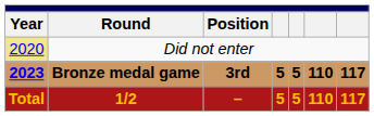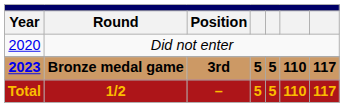 <table class="wikitable" style="text-align: center;">
 <tr>
 <th style="background:#000067;" colspan="7"><a href='#'></a></th>
 </tr>
 <tr>
 <th>Year</th>
 <th>Round</th>
 <th>Position</th>
 <th></th>
 <th></th>
 <th></th>
 <th></th>
 </tr>
 <tr>
-<td style="background: khaki;"> <a href='#'>2020</a></td>
+<td> <a href='#'>2020</a></td>
 <td colspan=6><em>Did not enter</em></td>
 </tr>
 <tr>
 </tr>
 <tr style="background:#CC9965;">
 <td><strong> <a href='#'>2023</a></strong></td>
 <td><strong>Bronze medal game</strong></td>
 <td><strong>3rd</strong></td>
 <td><strong>5</strong></td>
 <td><strong>5</strong></td>
 <td><strong>110</strong></td>
 <td><strong>117</strong></td>
 </tr>
 <tr>
 <th style="color:#FABD00; background:#AD1519;">Total</th>
 <th style="color:#FABD00; background:#AD1519;">1/2</th>
 <th style="color:#FABD00; background:#AD1519;">–</th>
 <th style="color:#FABD00; background:#AD1519;">5</th>
 <th style="color:#FABD00; background:#AD1519;">5</th>
 <th style="color:#FABD00; background:#AD1519;">110</th>
 <th style="color:#FABD00; background:#AD1519;">117</th>
 </tr>
 </table>
